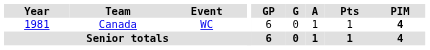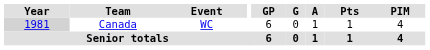 <table border="0" cellpadding="1" cellspacing="0" ID="Table3" style="text-align:center; width:40em">
 <tr bgcolor="#e0e0e0">
 <th>Year</th>
 <th>Team</th>
 <th>Event</th>
 <th rowspan="102" bgcolor="#ffffff"></th>
 <th>GP</th>
 <th>G</th>
 <th>A</th>
 <th>Pts</th>
 <th>PIM</th>
 </tr>
 <tr>
-<td><a href='#'>1981</a></td>
+<td style="background: lightgrey;"><a href='#'>1981</a></td>
 <td><a href='#'>Canada</a></td>
 <td><a href='#'>WC</a></td>
 <td>6</td>
 <td>0</td>
 <td>1</td>
 <td>1</td>
-<td><strong>4</strong></td>
+<td>4</td>
 </tr>
 <tr bgcolor="#e0e0e0">
 <th colspan="4">Senior totals</th>
 <th>6</th>
 <th>0</th>
 <th>1</th>
 <th>1</th>
 <th>4</th>
 </tr>
 </table>
